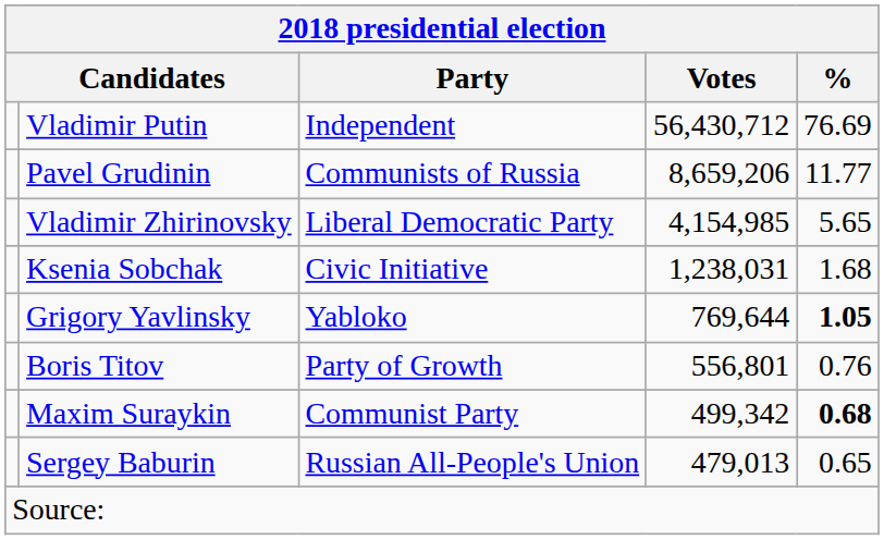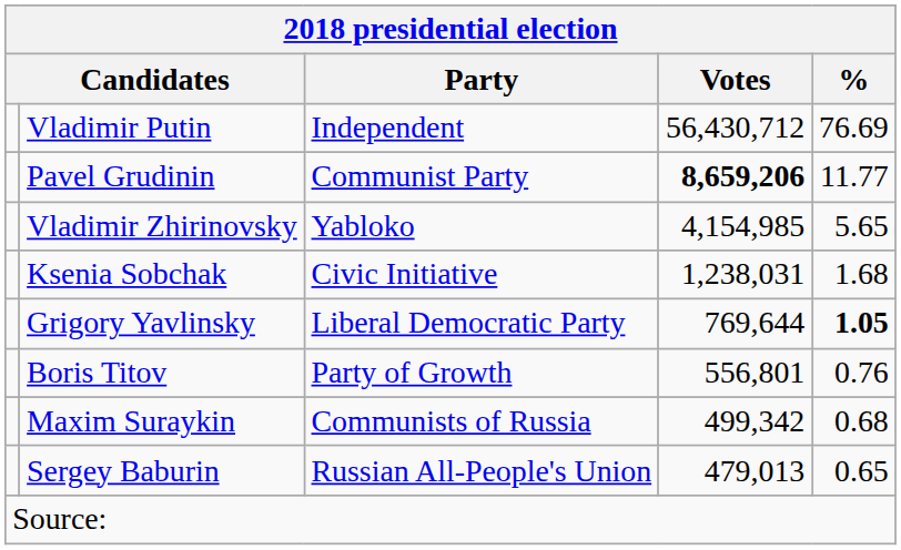 <table class=wikitable style=text-align:right>
 <tr>
 <th colspan=5><a href='#'>2018 presidential election</a></th>
 </tr>
 <tr>
 <th colspan=2>Candidates</th>
 <th>Party</th>
 <th>Votes</th>
 <th>%</th>
 </tr>
 <tr>
 <td style="background:"></td>
 <td align="left"><a href='#'>Vladimir Putin</a></td>
 <td align="left"><a href='#'>Independent</a></td>
 <td>56,430,712</td>
 <td>76.69</td>
 </tr>
 <tr>
 <td style="background:"></td>
 <td align=left><a href='#'>Pavel Grudinin</a></td>
-<td align="left"><a href='#'>Communists of Russia</a></td>
-<td>8,659,206</td>
+<td align=left><a href='#'>Communist Party</a></td>
+<td><strong>8,659,206</strong></td>
 <td>11.77</td>
 </tr>
 <tr>
 <td style="background:"></td>
 <td align=left><a href='#'>Vladimir Zhirinovsky</a></td>
-<td align=left><a href='#'>Liberal Democratic Party</a></td>
+<td align="left"><a href='#'>Yabloko</a></td>
 <td>4,154,985</td>
 <td>5.65</td>
 </tr>
 <tr>
 <td style="background:"></td>
 <td align="left"><a href='#'>Ksenia Sobchak</a></td>
 <td align="left"><a href='#'>Civic Initiative</a></td>
 <td>1,238,031</td>
 <td>1.68</td>
 </tr>
 <tr>
 <td style="background:"></td>
 <td align="left"><a href='#'>Grigory Yavlinsky</a></td>
-<td align="left"><a href='#'>Yabloko</a></td>
+<td align=left><a href='#'>Liberal Democratic Party</a></td>
 <td>769,644</td>
 <td><strong>1.05</strong></td>
 </tr>
 <tr>
 <td style="background:"></td>
 <td align="left"><a href='#'>Boris Titov</a></td>
 <td align="left"><a href='#'>Party of Growth</a></td>
 <td>556,801</td>
 <td>0.76</td>
 </tr>
 <tr>
 <td style="background:"></td>
 <td align="left"><a href='#'>Maxim Suraykin</a></td>
-<td align=left><a href='#'>Communist Party</a></td>
+<td align="left"><a href='#'>Communists of Russia</a></td>
 <td>499,342</td>
-<td><strong>0.68</strong></td>
+<td>0.68</td>
 </tr>
 <tr>
 <td style="background:"></td>
 <td align="left"><a href='#'>Sergey Baburin</a></td>
 <td align="left"><a href='#'>Russian All-People's Union</a></td>
 <td>479,013</td>
 <td>0.65</td>
 </tr>
 <tr>
 <td align=left colspan=5>Source: </td>
 </tr>
 </table>
